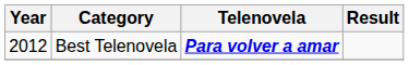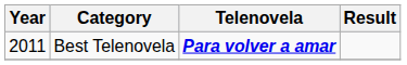 <table class="wikitable">
 <tr style="background:#b0c4de;">
 <th>Year</th>
 <th>Category</th>
 <th>Telenovela</th>
 <th>Result</th>
 </tr>
 <tr>
-<td>2012</td>
+<td>2011</td>
 <td>Best Telenovela</td>
 <td><strong><em><a href='#'>Para volver a amar</a></em></strong></td>
 <td></td>
 </tr>
 <tr>
 </tr>
 </table>
